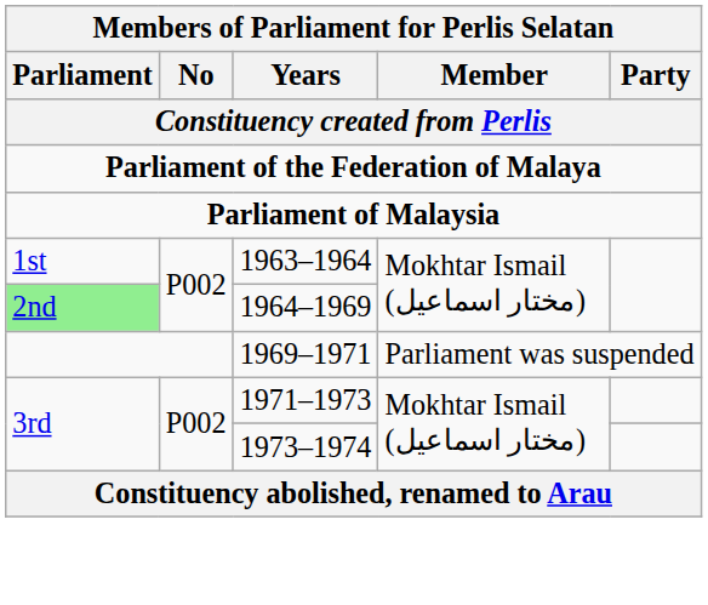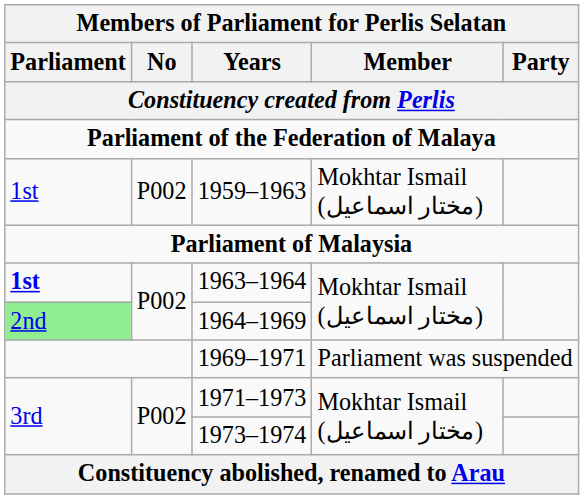 <table class=wikitable>
 <tr>
 <th colspan="5">Members of Parliament for Perlis Selatan</th>
 </tr>
 <tr>
 <th>Parliament</th>
 <th>No</th>
 <th>Years</th>
 <th>Member</th>
 <th>Party</th>
 </tr>
 <tr>
 <th colspan="5" align="center"><em>Constituency created from <a href='#'>Perlis</a></em></th>
 </tr>
 <tr>
 <td colspan="5" align="center"><strong>Parliament of the Federation of Malaya</strong></td>
 </tr>
 <tr>
+<td><a href='#'>1st</a></td>
+<td>P002</td>
+<td>1959–1963</td>
+<td>Mokhtar Ismail  <br> (مختار اسماعيل)</td>
+<td></td>
+</tr>
+<tr>
 <td colspan="5" align="center"><strong>Parliament of Malaysia</strong></td>
 </tr>
 <tr>
-<td><a href='#'>1st</a></td>
+<td><strong><a href='#'>1st</a></strong></td>
 <td rowspan="2">P002</td>
 <td>1963–1964</td>
 <td rowspan="2">Mokhtar Ismail <br>  (مختار اسماعيل)</td>
 <td rowspan=2></td>
 </tr>
 <tr>
 <td style="background: lightgreen;"><a href='#'>2nd</a></td>
 <td>1964–1969</td>
 </tr>
 <tr>
 <td colspan="2"></td>
 <td>1969–1971</td>
 <td colspan="2" align="center">Parliament was suspended</td>
 </tr>
 <tr>
 <td rowspan=2><a href='#'>3rd</a></td>
 <td rowspan="2">P002</td>
 <td>1971–1973</td>
 <td rowspan="2">Mokhtar Ismail  <br> (مختار اسماعيل)</td>
 <td></td>
 </tr>
 <tr>
 <td>1973–1974</td>
 <td></td>
 </tr>
 <tr>
 <th colspan="5" align="center">Constituency abolished, renamed to <a href='#'>Arau</a></th>
 </tr>
 </table>
